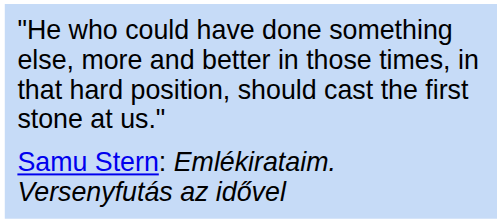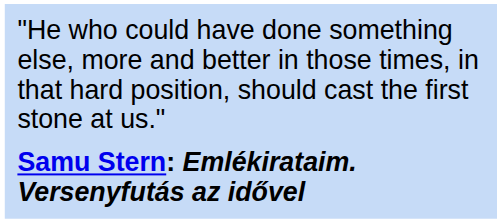 <table class="toccolours" style="float: right; margin-left: 1em; margin-right: 0em; font-size: 85%; background:#c6dbf7; color:black; width:30em; max-width: 40%;" cellspacing="5">
 <tr>
 <td style="text-align: left;">"He who could have done something else, more and better in those times, in that hard position, should cast the first stone at us."</td>
 </tr>
 <tr>
-<td style="text-align: left;"><a href='#'>Samu Stern</a>: <em>Emlékirataim. Versenyfutás az idővel</em></td>
+<td style="text-align: left;"><strong><a href='#'>Samu Stern</a>: <em>Emlékirataim. Versenyfutás az idővel</em></strong></td>
 </tr>
 </table>
